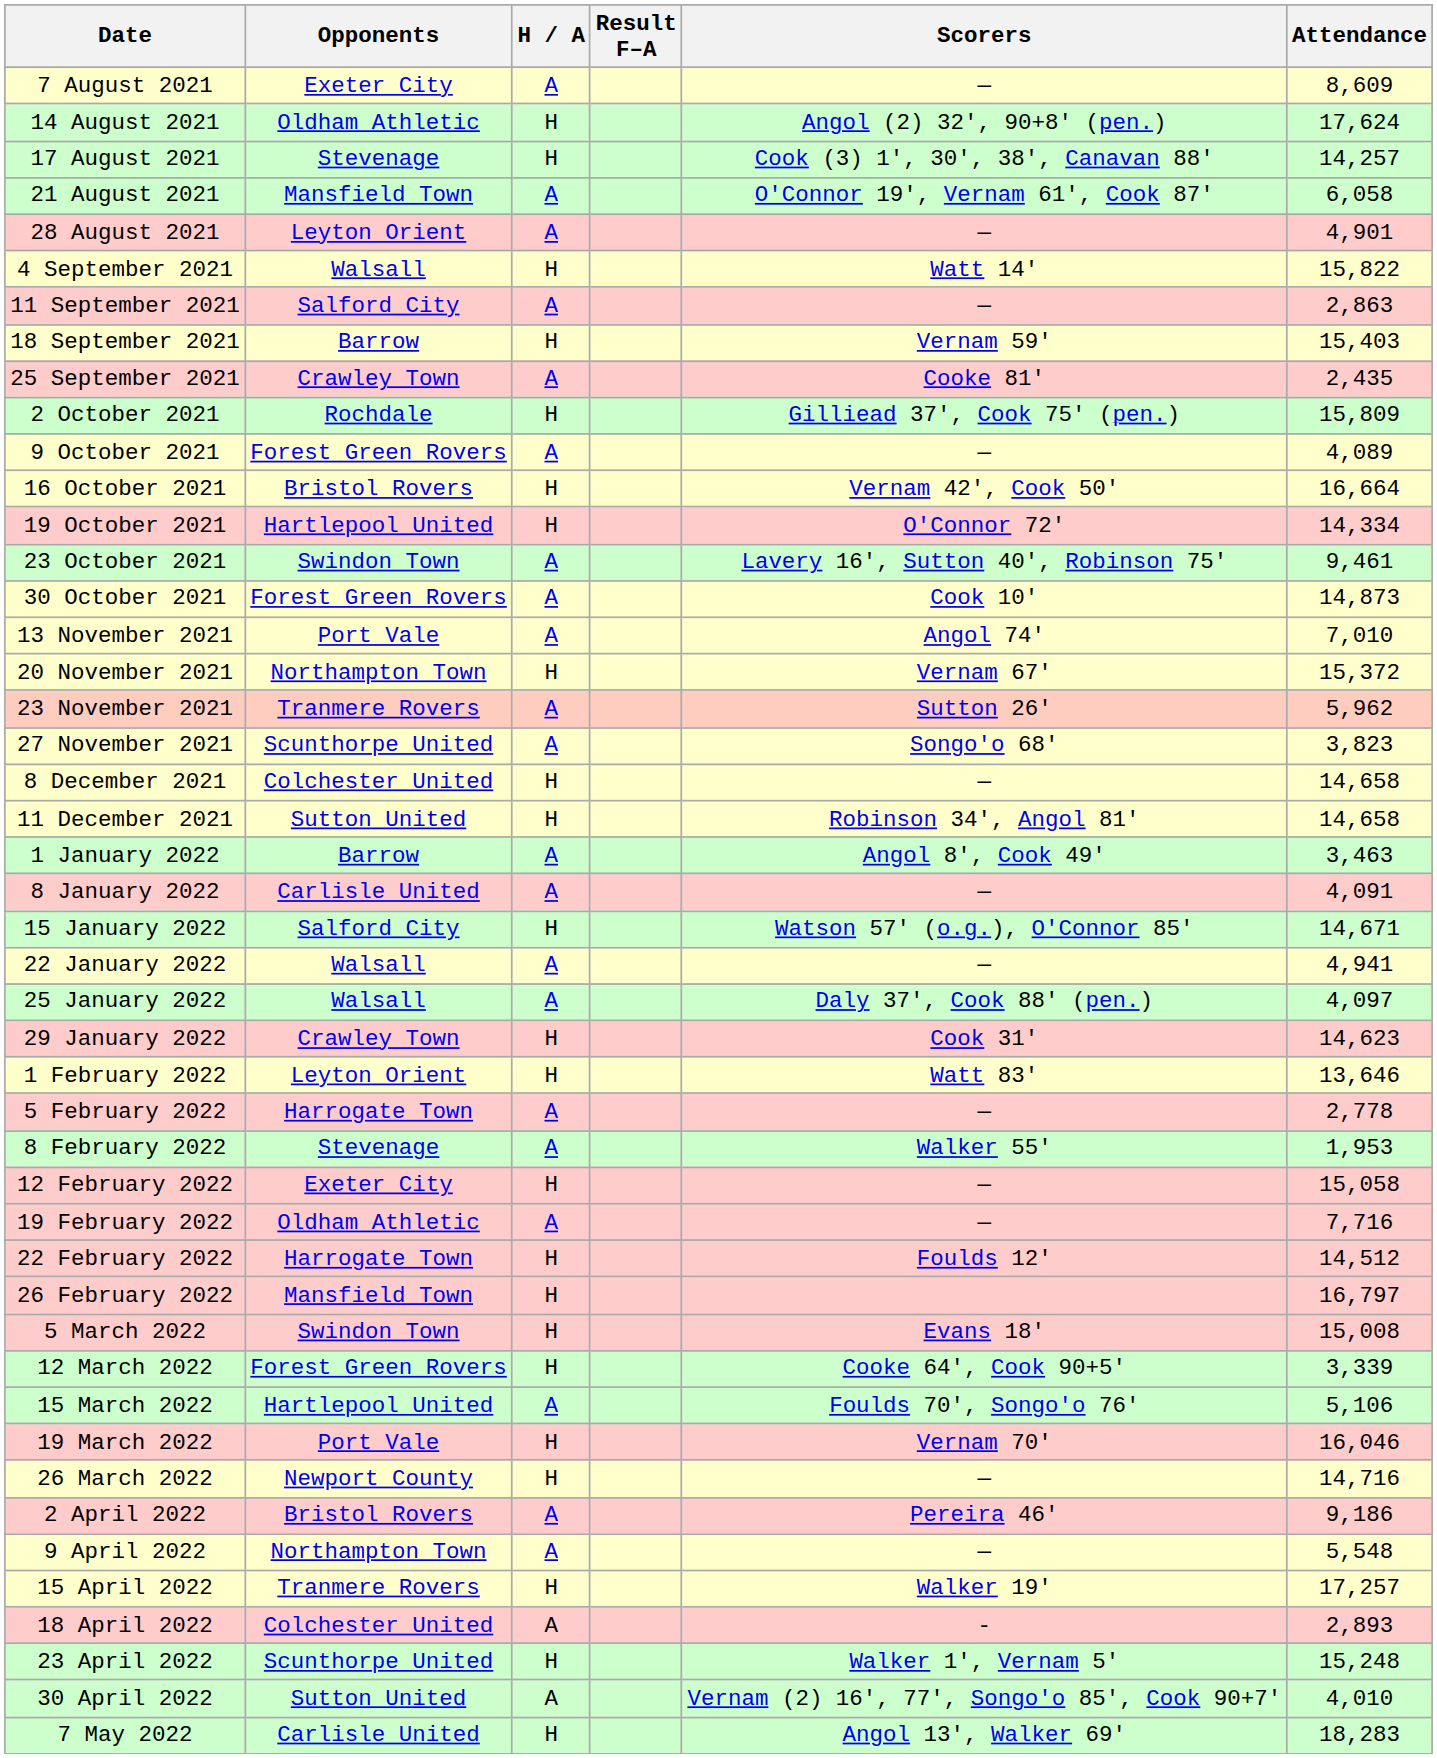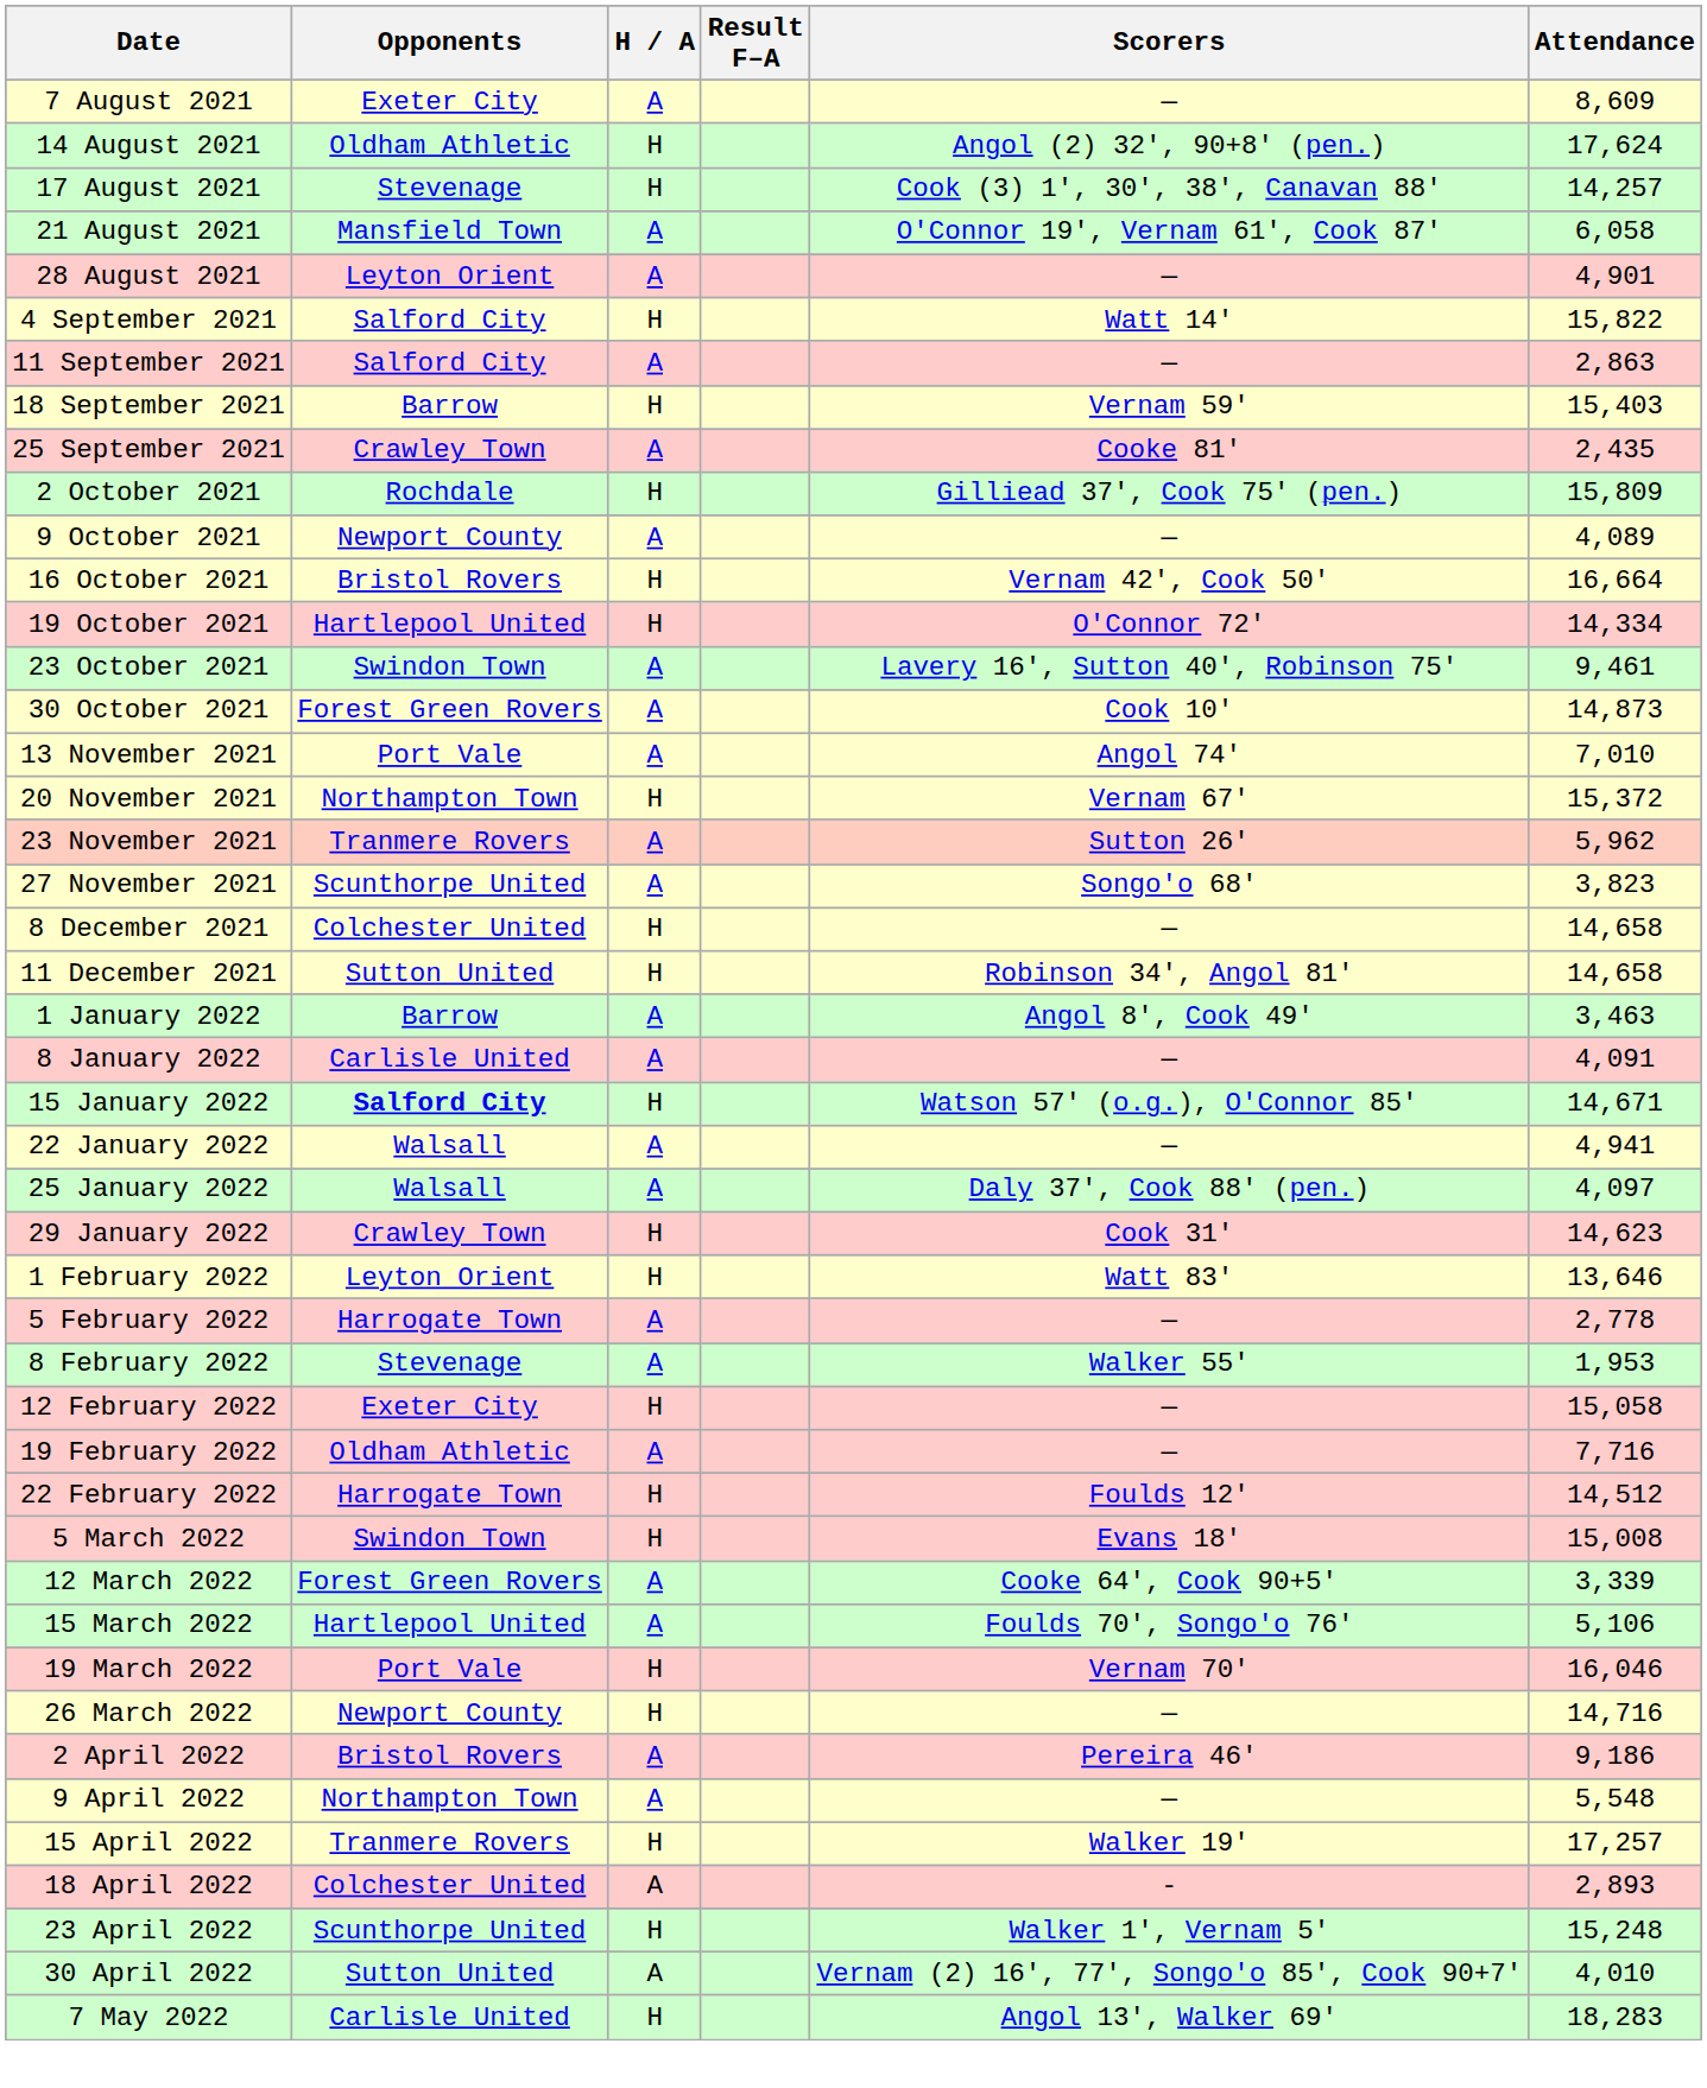 <table class="wikitable" style="text-align:center">
 <tr>
 <th>Date</th>
 <th>Opponents</th>
 <th>H / A</th>
 <th>Result<br>F–A</th>
 <th>Scorers</th>
 <th>Attendance</th>
 </tr>
 <tr bgcolor="#ffffcc">
 <td>7 August 2021</td>
 <td><a href='#'>Exeter City</a></td>
 <td><a href='#'>A</a></td>
 <td></td>
 <td>—</td>
 <td>8,609</td>
 </tr>
 <tr bgcolor="#ccffcc">
 <td>14 August 2021</td>
 <td><a href='#'>Oldham Athletic</a></td>
 <td>H</td>
 <td></td>
 <td><a href='#'>Angol</a> (2) 32', 90+8' (<a href='#'>pen.</a>)</td>
 <td>17,624</td>
 </tr>
 <tr bgcolor="#ccffcc">
 <td>17 August 2021</td>
 <td><a href='#'>Stevenage</a></td>
 <td>H</td>
 <td></td>
 <td><a href='#'>Cook</a> (3) 1', 30', 38', <a href='#'>Canavan</a> 88'</td>
 <td>14,257</td>
 </tr>
 <tr bgcolor="#ccffcc">
 <td>21 August 2021</td>
 <td><a href='#'>Mansfield Town</a></td>
 <td><a href='#'>A</a></td>
 <td></td>
 <td><a href='#'>O'Connor</a> 19', <a href='#'>Vernam</a> 61', <a href='#'>Cook</a> 87'</td>
 <td>6,058</td>
 </tr>
 <tr bgcolor="#ffcccc">
 <td>28 August 2021</td>
 <td><a href='#'>Leyton Orient</a></td>
 <td><a href='#'>A</a></td>
 <td></td>
 <td>—</td>
 <td>4,901</td>
 </tr>
 <tr bgcolor="#ffffcc">
 <td>4 September 2021</td>
-<td><a href='#'>Walsall</a></td>
+<td><a href='#'>Salford City</a></td>
 <td>H</td>
 <td></td>
 <td><a href='#'>Watt</a> 14'</td>
 <td>15,822</td>
 </tr>
 <tr bgcolor="#ffcccc">
 <td>11 September 2021</td>
 <td><a href='#'>Salford City</a></td>
 <td><a href='#'>A</a></td>
 <td></td>
 <td>—</td>
 <td>2,863</td>
 </tr>
 <tr bgcolor="#ffffcc">
 <td>18 September 2021</td>
 <td><a href='#'>Barrow</a></td>
 <td>H</td>
 <td></td>
 <td><a href='#'>Vernam</a> 59'</td>
 <td>15,403</td>
 </tr>
 <tr bgcolor="#ffcccc">
 <td>25 September 2021</td>
 <td><a href='#'>Crawley Town</a></td>
 <td><a href='#'>A</a></td>
 <td></td>
 <td><a href='#'>Cooke</a> 81'</td>
 <td>2,435</td>
 </tr>
 <tr bgcolor="#ccffcc">
 <td>2 October 2021</td>
 <td><a href='#'>Rochdale</a></td>
 <td>H</td>
 <td></td>
 <td><a href='#'>Gilliead</a> 37', <a href='#'>Cook</a> 75' (<a href='#'>pen.</a>)</td>
 <td>15,809</td>
 </tr>
 <tr bgcolor="#ffffcc">
 <td>9 October 2021</td>
-<td><a href='#'>Forest Green Rovers</a></td>
+<td><a href='#'>Newport County</a></td>
 <td><a href='#'>A</a></td>
 <td></td>
 <td>—</td>
 <td>4,089</td>
 </tr>
 <tr bgcolor="#ffffcc">
 <td>16 October 2021</td>
 <td><a href='#'>Bristol Rovers</a></td>
 <td>H</td>
 <td></td>
 <td><a href='#'>Vernam</a> 42', <a href='#'>Cook</a> 50'</td>
 <td>16,664</td>
 </tr>
 <tr bgcolor="#ffcccc">
 <td>19 October 2021</td>
 <td><a href='#'>Hartlepool United</a></td>
 <td>H</td>
 <td></td>
 <td><a href='#'>O'Connor</a> 72'</td>
 <td>14,334</td>
 </tr>
 <tr bgcolor="#ccffcc">
 <td>23 October 2021</td>
 <td><a href='#'>Swindon Town</a></td>
 <td><a href='#'>A</a></td>
 <td></td>
 <td><a href='#'>Lavery</a> 16', <a href='#'>Sutton</a> 40', <a href='#'>Robinson</a> 75'</td>
 <td>9,461</td>
 </tr>
 <tr bgcolor="#ffffcc">
 <td>30 October 2021</td>
 <td><a href='#'>Forest Green Rovers</a></td>
 <td><a href='#'>A</a></td>
 <td></td>
 <td><a href='#'>Cook</a> 10'</td>
 <td>14,873</td>
 </tr>
 <tr bgcolor="#ffffcc">
 <td>13 November 2021</td>
 <td><a href='#'>Port Vale</a></td>
 <td><a href='#'>A</a></td>
 <td></td>
 <td><a href='#'>Angol</a> 74'</td>
 <td>7,010</td>
 </tr>
 <tr bgcolor="#ffffcc">
 <td>20 November 2021</td>
 <td><a href='#'>Northampton Town</a></td>
 <td>H</td>
 <td></td>
 <td><a href='#'>Vernam</a> 67'</td>
 <td>15,372</td>
 </tr>
 <tr bgcolor="#ffccc">
 <td>23 November 2021</td>
 <td><a href='#'>Tranmere Rovers</a></td>
 <td><a href='#'>A</a></td>
 <td></td>
 <td><a href='#'>Sutton</a> 26'</td>
 <td>5,962</td>
 </tr>
 <tr bgcolor="#ffffcc">
 <td>27 November 2021</td>
 <td><a href='#'>Scunthorpe United</a></td>
 <td><a href='#'>A</a></td>
 <td></td>
 <td><a href='#'>Songo'o</a> 68'</td>
 <td>3,823</td>
 </tr>
 <tr bgcolor="#ffffcc">
 <td>8 December 2021</td>
 <td><a href='#'>Colchester United</a></td>
 <td>H</td>
 <td></td>
 <td>—</td>
 <td>14,658</td>
 </tr>
 <tr bgcolor="#ffffcc">
 <td>11 December 2021</td>
 <td><a href='#'>Sutton United</a></td>
 <td>H</td>
 <td></td>
 <td><a href='#'>Robinson</a> 34', <a href='#'>Angol</a> 81'</td>
 <td>14,658</td>
 </tr>
 <tr bgcolor="#ccffcc">
 <td>1 January 2022</td>
 <td><a href='#'>Barrow</a></td>
 <td><a href='#'>A</a></td>
 <td></td>
 <td><a href='#'>Angol</a> 8', <a href='#'>Cook</a> 49'</td>
 <td>3,463</td>
 </tr>
 <tr bgcolor="#ffcccc">
 <td>8 January 2022</td>
 <td><a href='#'>Carlisle United</a></td>
 <td><a href='#'>A</a></td>
 <td></td>
 <td>—</td>
 <td>4,091</td>
 </tr>
 <tr bgcolor="#ccffcc">
 <td>15 January 2022</td>
-<td><a href='#'>Salford City</a></td>
+<td><strong><a href='#'>Salford City</a></strong></td>
 <td>H</td>
 <td></td>
 <td><a href='#'>Watson</a> 57' (<a href='#'>o.g.</a>), <a href='#'>O'Connor</a> 85'</td>
 <td>14,671</td>
 </tr>
 <tr bgcolor="#ffffcc">
 <td>22 January 2022</td>
 <td><a href='#'>Walsall</a></td>
 <td><a href='#'>A</a></td>
 <td></td>
 <td>—</td>
 <td>4,941</td>
 </tr>
 <tr bgcolor="#ccffcc">
 <td>25 January 2022</td>
 <td><a href='#'>Walsall</a></td>
 <td><a href='#'>A</a></td>
 <td></td>
 <td><a href='#'>Daly</a> 37', <a href='#'>Cook</a> 88' (<a href='#'>pen.</a>)</td>
 <td>4,097</td>
 </tr>
 <tr bgcolor="#ffcccc">
 <td>29 January 2022</td>
 <td><a href='#'>Crawley Town</a></td>
 <td>H</td>
 <td></td>
 <td><a href='#'>Cook</a> 31'</td>
 <td>14,623</td>
 </tr>
 <tr bgcolor="#ffffcc">
 <td>1 February 2022</td>
 <td><a href='#'>Leyton Orient</a></td>
 <td>H</td>
 <td></td>
 <td><a href='#'>Watt</a> 83'</td>
 <td>13,646</td>
 </tr>
 <tr bgcolor="#ffcccc">
 <td>5 February 2022</td>
 <td><a href='#'>Harrogate Town</a></td>
 <td><a href='#'>A</a></td>
 <td></td>
 <td>—</td>
 <td>2,778</td>
 </tr>
 <tr bgcolor="#ccffcc">
 <td>8 February 2022</td>
 <td><a href='#'>Stevenage</a></td>
 <td><a href='#'>A</a></td>
 <td></td>
 <td><a href='#'>Walker</a> 55'</td>
 <td>1,953</td>
 </tr>
 <tr bgcolor="#ffcccc">
 <td>12 February 2022</td>
 <td><a href='#'>Exeter City</a></td>
 <td>H</td>
 <td></td>
 <td>—</td>
 <td>15,058</td>
 </tr>
 <tr bgcolor="#ffcccc">
 <td>19 February 2022</td>
 <td><a href='#'>Oldham Athletic</a></td>
 <td><a href='#'>A</a></td>
 <td></td>
 <td>—</td>
 <td>7,716</td>
 </tr>
 <tr bgcolor="#ffcccc">
 <td>22 February 2022</td>
 <td><a href='#'>Harrogate Town</a></td>
 <td>H</td>
 <td></td>
 <td><a href='#'>Foulds</a> 12'</td>
 <td>14,512</td>
 </tr>
 <tr bgcolor="#ffcccc">
-<td>26 February 2022</td>
-<td><a href='#'>Mansfield Town</a></td>
-<td>H</td>
-<td></td>
-<td></td>
-<td>16,797</td>
-</tr>
-<tr bgcolor="#ffcccc">
 <td>5 March 2022</td>
 <td><a href='#'>Swindon Town</a></td>
 <td>H</td>
 <td></td>
 <td><a href='#'>Evans</a> 18'</td>
 <td>15,008</td>
 </tr>
 <tr bgcolor="#ccffcc">
 <td>12 March 2022</td>
 <td><a href='#'>Forest Green Rovers</a></td>
-<td>H</td>
+<td><a href='#'>A</a></td>
 <td></td>
 <td><a href='#'>Cooke</a> 64', <a href='#'>Cook</a> 90+5'</td>
 <td>3,339</td>
 </tr>
 <tr bgcolor="#ccffcc">
 <td>15 March 2022</td>
 <td><a href='#'>Hartlepool United</a></td>
 <td><a href='#'>A</a></td>
 <td></td>
 <td><a href='#'>Foulds</a> 70', <a href='#'>Songo'o</a> 76'</td>
 <td>5,106</td>
 </tr>
 <tr bgcolor="#ffcccc">
 <td>19 March 2022</td>
 <td><a href='#'>Port Vale</a></td>
 <td>H</td>
 <td></td>
 <td><a href='#'>Vernam</a> 70'</td>
 <td>16,046</td>
 </tr>
 <tr bgcolor="#ffffcc">
 <td>26 March 2022</td>
 <td><a href='#'>Newport County</a></td>
 <td>H</td>
 <td></td>
 <td>—</td>
 <td>14,716</td>
 </tr>
 <tr bgcolor="#ffcccc">
 <td>2 April 2022</td>
 <td><a href='#'>Bristol Rovers</a></td>
 <td><a href='#'>A</a></td>
 <td></td>
 <td><a href='#'>Pereira</a> 46'</td>
 <td>9,186</td>
 </tr>
 <tr bgcolor="#ffffcc">
 <td>9 April 2022</td>
 <td><a href='#'>Northampton Town</a></td>
 <td><a href='#'>A</a></td>
 <td></td>
 <td>—</td>
 <td>5,548</td>
 </tr>
 <tr bgcolor="#ffffcc">
 <td>15 April 2022</td>
 <td><a href='#'>Tranmere Rovers</a></td>
 <td>H</td>
 <td></td>
 <td><a href='#'>Walker</a> 19'</td>
 <td>17,257</td>
 </tr>
 <tr bgcolor="#ffcccc">
 <td>18 April 2022</td>
 <td><a href='#'>Colchester United</a></td>
 <td>A</td>
 <td></td>
 <td>-</td>
 <td>2,893</td>
 </tr>
 <tr bgcolor="#ccffcc">
 <td>23 April 2022</td>
 <td><a href='#'>Scunthorpe United</a></td>
 <td>H</td>
 <td></td>
 <td><a href='#'>Walker</a> 1', <a href='#'>Vernam</a> 5'</td>
 <td>15,248</td>
 </tr>
 <tr bgcolor="#ccffcc">
 <td>30 April 2022</td>
 <td><a href='#'>Sutton United</a></td>
 <td>A</td>
 <td></td>
 <td><a href='#'>Vernam</a> (2) 16', 77', <a href='#'>Songo'o</a> 85', <a href='#'>Cook</a> 90+7'</td>
 <td>4,010</td>
 </tr>
 <tr bgcolor="#ccffcc">
 <td>7 May 2022</td>
 <td><a href='#'>Carlisle United</a></td>
 <td>H</td>
 <td></td>
 <td><a href='#'>Angol</a> 13', <a href='#'>Walker</a> 69'</td>
 <td>18,283</td>
 </tr>
 </table>
